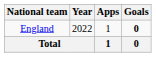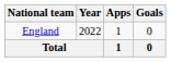 <table class="wikitable" style="text-align:center">
 <tr>
 <th>National team</th>
 <th>Year</th>
 <th>Apps</th>
 <th>Goals</th>
 </tr>
 <tr>
 <td rowspan=1><a href='#'>England</a></td>
 <td>2022</td>
 <td>1</td>
-<td><strong>0</strong></td>
+<td>0</td>
 </tr>
 <tr>
 <th colspan=2>Total</th>
 <th>1</th>
 <th>0</th>
 </tr>
 </table>
